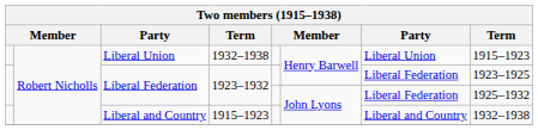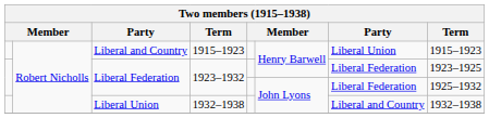 <table class="wikitable">
 <tr>
 <th colspan=8>Two members (1915–1938)</th>
 </tr>
 <tr>
 <th colspan=2>Member</th>
 <th>Party</th>
 <th>Term</th>
 <th colspan=2>Member</th>
 <th>Party</th>
 <th>Term</th>
 </tr>
 <tr>
 <td> </td>
 <td rowspan=4><a href='#'>Robert Nicholls</a></td>
-<td><a href='#'>Liberal Union</a></td>
-<td>1932–1938</td>
+<td><a href='#'>Liberal and Country</a></td>
+<td>1915–1923</td>
 <td> </td>
 <td rowspan=2><a href='#'>Henry Barwell</a></td>
 <td><a href='#'>Liberal Union</a></td>
 <td>1915–1923</td>
 </tr>
 <tr>
 <td rowspan=2 > </td>
 <td rowspan=2><a href='#'>Liberal Federation</a></td>
 <td rowspan=2>1923–1932</td>
 <td> </td>
 <td><a href='#'>Liberal Federation</a></td>
 <td>1923–1925</td>
 </tr>
 <tr>
 <td> </td>
 <td rowspan=2><a href='#'>John Lyons</a></td>
 <td><a href='#'>Liberal Federation</a></td>
 <td>1925–1932</td>
 </tr>
 <tr>
 <td> </td>
-<td><a href='#'>Liberal and Country</a></td>
-<td>1915–1923</td>
+<td><a href='#'>Liberal Union</a></td>
+<td>1932–1938</td>
 <td> </td>
 <td><a href='#'>Liberal and Country</a></td>
 <td>1932–1938</td>
 </tr>
 <tr>
 </tr>
 </table>
